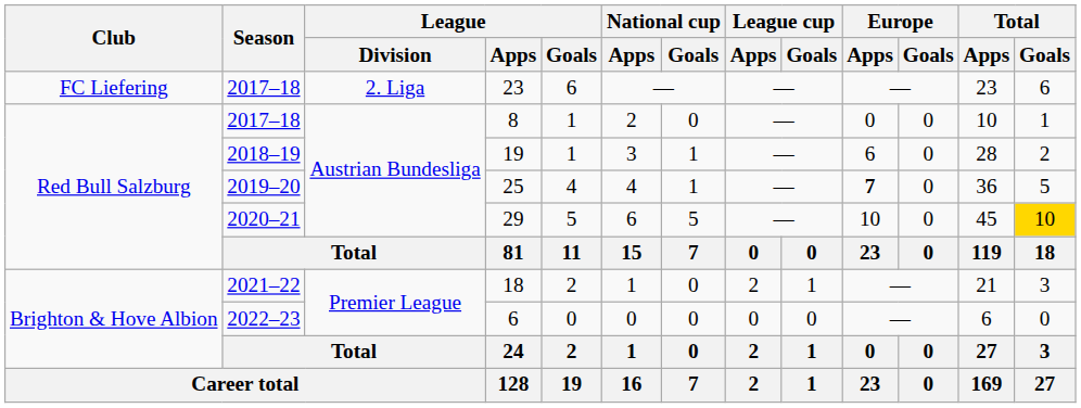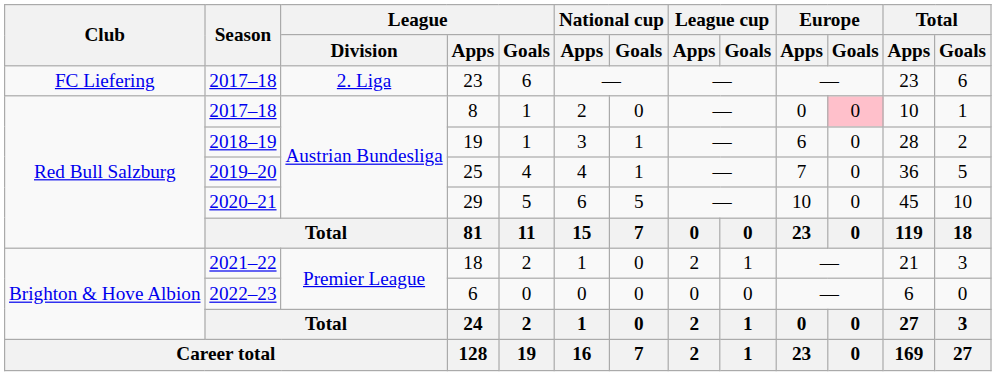 <table class="wikitable" style="text-align:center">
 <tr>
 <th rowspan="2">Club</th>
 <th rowspan="2">Season</th>
 <th colspan="3">League</th>
 <th colspan="2">National cup</th>
 <th colspan="2">League cup</th>
 <th colspan="2">Europe</th>
 <th colspan="2">Total</th>
 </tr>
 <tr>
 <th>Division</th>
 <th>Apps</th>
 <th>Goals</th>
 <th>Apps</th>
 <th>Goals</th>
 <th>Apps</th>
 <th>Goals</th>
 <th>Apps</th>
 <th>Goals</th>
 <th>Apps</th>
 <th>Goals</th>
 </tr>
 <tr>
 <td><a href='#'>FC Liefering</a></td>
 <td><a href='#'>2017–18</a></td>
 <td><a href='#'>2. Liga</a></td>
 <td>23</td>
 <td>6</td>
 <td colspan="2">—</td>
 <td colspan="2">—</td>
 <td colspan="2">—</td>
 <td>23</td>
 <td>6</td>
 </tr>
 <tr>
 <td rowspan="5"><a href='#'>Red Bull Salzburg</a></td>
 <td><a href='#'>2017–18</a></td>
 <td rowspan="4"><a href='#'>Austrian Bundesliga</a></td>
 <td>8</td>
 <td>1</td>
 <td>2</td>
 <td>0</td>
 <td colspan="2">—</td>
 <td>0</td>
-<td>0</td>
+<td style="background: pink;">0</td>
 <td>10</td>
 <td>1</td>
 </tr>
 <tr>
 <td><a href='#'>2018–19</a></td>
 <td>19</td>
 <td>1</td>
 <td>3</td>
 <td>1</td>
 <td colspan="2">—</td>
 <td>6</td>
 <td>0</td>
 <td>28</td>
 <td>2</td>
 </tr>
 <tr>
 <td><a href='#'>2019–20</a></td>
 <td>25</td>
 <td>4</td>
 <td>4</td>
 <td>1</td>
 <td colspan="2">—</td>
-<td><strong>7</strong></td>
+<td>7</td>
 <td>0</td>
 <td>36</td>
 <td>5</td>
 </tr>
 <tr>
 <td><a href='#'>2020–21</a></td>
 <td>29</td>
 <td>5</td>
 <td>6</td>
 <td>5</td>
 <td colspan="2">—</td>
 <td>10</td>
 <td>0</td>
 <td>45</td>
-<td style="background: gold;">10</td>
+<td>10</td>
 </tr>
 <tr>
 <th colspan="2">Total</th>
 <th>81</th>
 <th>11</th>
 <th>15</th>
 <th>7</th>
 <th>0</th>
 <th>0</th>
 <th>23</th>
 <th>0</th>
 <th>119</th>
 <th>18</th>
 </tr>
 <tr>
 <td rowspan="3"><a href='#'>Brighton & Hove Albion</a></td>
 <td><a href='#'>2021–22</a></td>
 <td rowspan="2"><a href='#'>Premier League</a></td>
 <td>18</td>
 <td>2</td>
 <td>1</td>
 <td>0</td>
 <td>2</td>
 <td>1</td>
 <td colspan="2">—</td>
 <td>21</td>
 <td>3</td>
 </tr>
 <tr>
 <td><a href='#'>2022–23</a></td>
 <td>6</td>
 <td>0</td>
 <td>0</td>
 <td>0</td>
 <td>0</td>
 <td>0</td>
 <td colspan="2">—</td>
 <td>6</td>
 <td>0</td>
 </tr>
 <tr>
 <th colspan="2">Total</th>
 <th>24</th>
 <th>2</th>
 <th>1</th>
 <th>0</th>
 <th>2</th>
 <th>1</th>
 <th>0</th>
 <th>0</th>
 <th>27</th>
 <th>3</th>
 </tr>
 <tr>
 <th colspan="3">Career total</th>
 <th>128</th>
 <th>19</th>
 <th>16</th>
 <th>7</th>
 <th>2</th>
 <th>1</th>
 <th>23</th>
 <th>0</th>
 <th>169</th>
 <th>27</th>
 </tr>
 </table>
